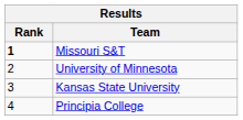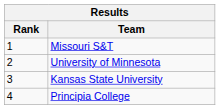 <table class="wikitable collapsible collapsed" style="min-width:20em;">
 <tr>
 <th colspan=2>Results</th>
 </tr>
 <tr>
 <th>Rank</th>
 <th>Team</th>
 </tr>
 <tr>
-<td><strong>1</strong></td>
+<td>1</td>
 <td><a href='#'>Missouri S&T</a></td>
 </tr>
 <tr>
 <td>2</td>
 <td><a href='#'>University of Minnesota</a></td>
 </tr>
 <tr>
 <td>3</td>
 <td><a href='#'>Kansas State University</a></td>
 </tr>
 <tr>
 <td>4</td>
 <td><a href='#'>Principia College</a></td>
 </tr>
 </table>
